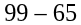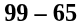 <table style="text-align:center;">
 <tr>
 <th width=200></th>
 <th width=100></th>
 <th width=200></th>
 <th></th>
 </tr>
 <tr>
 <td align=right><strong></strong></td>
-<td>99 – 65</td>
+<td><strong>99 – 65</strong></td>
 <td align=left></td>
 </tr>
 </table>
